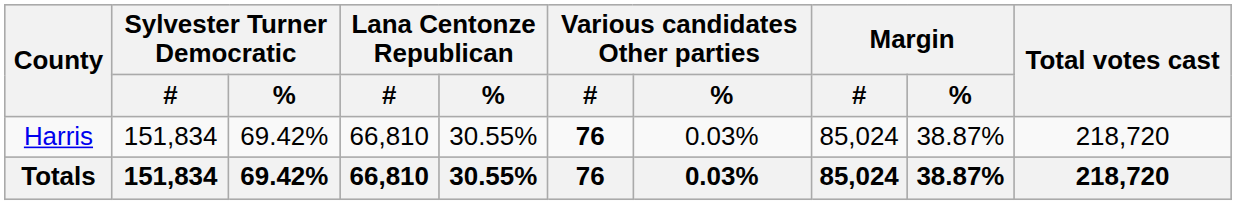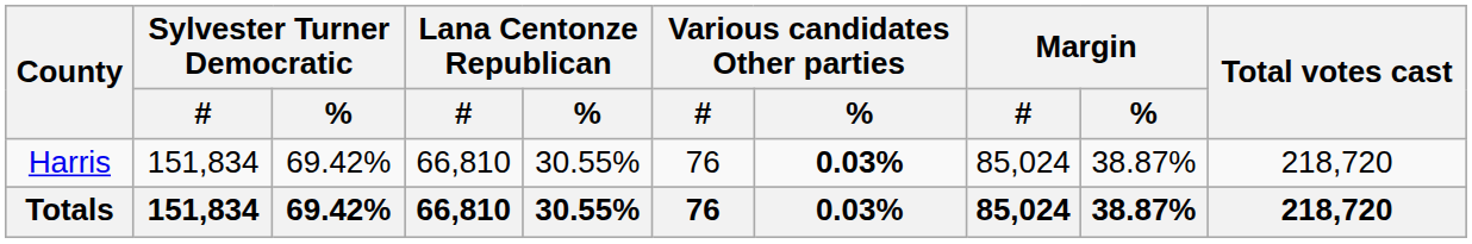 <table width="60%"  class="wikitable sortable" style="text-align:center">
 <tr>
 <th rowspan="2">County</th>
 <th style="text-align:center;" colspan="2">Sylvester Turner<br>Democratic</th>
 <th style="text-align:center;" colspan="2">Lana Centonze<br>Republican</th>
 <th style="text-align:center;" colspan="2">Various candidates<br>Other parties</th>
 <th style="text-align:center;" colspan="2">Margin</th>
 <th rowspan="2" style="text-align:center;">Total votes cast</th>
 </tr>
 <tr>
 <th style="text-align:center;" data-sort-type="number">#</th>
 <th style="text-align:center;" data-sort-type="number">%</th>
 <th style="text-align:center;" data-sort-type="number">#</th>
 <th style="text-align:center;" data-sort-type="number">%</th>
 <th style="text-align:center;" data-sort-type="number">#</th>
 <th style="text-align:center;" data-sort-type="number">%</th>
 <th style="text-align:center;" data-sort-type="number">#</th>
 <th style="text-align:center;" data-sort-type="number">%</th>
 </tr>
 <tr style="text-align:center;">
 <td style="color:black;background-color:"><a href='#'>Harris</a></td>
 <td style="color:black;background-color:">151,834</td>
 <td style="color:black;background-color:">69.42%</td>
 <td style="background-color:">66,810</td>
 <td style="background-color:">30.55%</td>
-<td style="background:"><strong>76</strong></td>
-<td style="background:">0.03%</td>
+<td style="background:">76</td>
+<td style="background:"><strong>0.03%</strong></td>
 <td style="color:black;background-color:">85,024</td>
 <td style="color:black;background-color:">38.87%</td>
 <td style="color:black;background-color:">218,720</td>
 </tr>
 <tr style="text-align:center;">
 <th>Totals</th>
 <th>151,834</th>
 <th>69.42%</th>
 <th>66,810</th>
 <th>30.55%</th>
 <th>76</th>
 <th>0.03%</th>
 <th>85,024</th>
 <th>38.87%</th>
 <th>218,720</th>
 </tr>
 </table>
